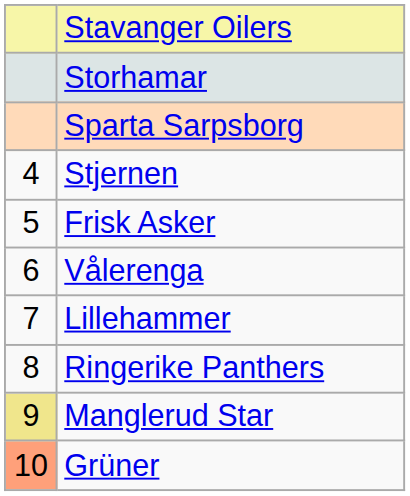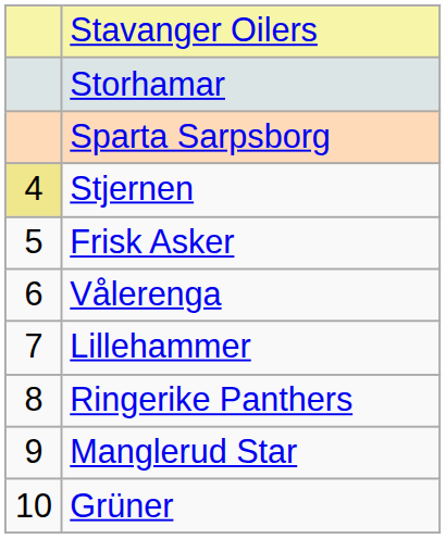 <table class="wikitable" style="width:210px;">
 <tr style="background:#F7F6A8;">
 <td align=center style="width:20px;"></td>
 <td><a href='#'>Stavanger Oilers</a></td>
 </tr>
 <tr style="background:#DCE5E5;">
 <td align=center></td>
 <td><a href='#'>Storhamar</a></td>
 </tr>
 <tr style="background:#FFDAB9;">
 <td align=center></td>
 <td><a href='#'>Sparta Sarpsborg</a></td>
 </tr>
 <tr>
-<td align=center>4</td>
+<td align=center style="background: khaki;">4</td>
 <td><a href='#'>Stjernen</a></td>
 </tr>
 <tr>
 <td align=center>5</td>
 <td><a href='#'>Frisk Asker</a></td>
 </tr>
 <tr>
 <td align=center>6</td>
 <td><a href='#'>Vålerenga</a></td>
 </tr>
 <tr>
 <td align=center>7</td>
 <td><a href='#'>Lillehammer</a></td>
 </tr>
 <tr>
 <td align=center>8</td>
 <td><a href='#'>Ringerike Panthers</a></td>
 </tr>
 <tr>
-<td align=center style="background: khaki;">9</td>
+<td align=center>9</td>
 <td><a href='#'>Manglerud Star</a></td>
 </tr>
 <tr>
-<td align=center style="background: lightsalmon;">10</td>
+<td align=center>10</td>
 <td><a href='#'>Grüner</a></td>
 </tr>
 </table>
